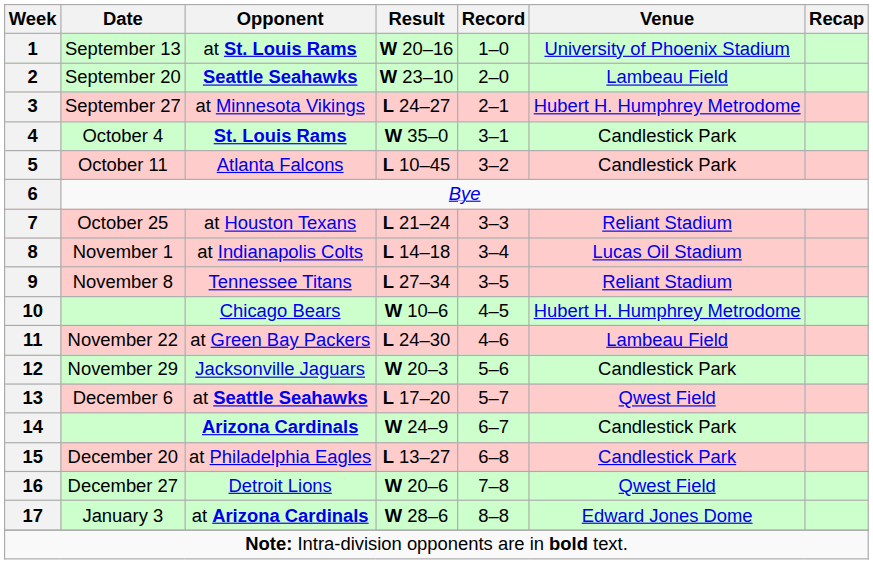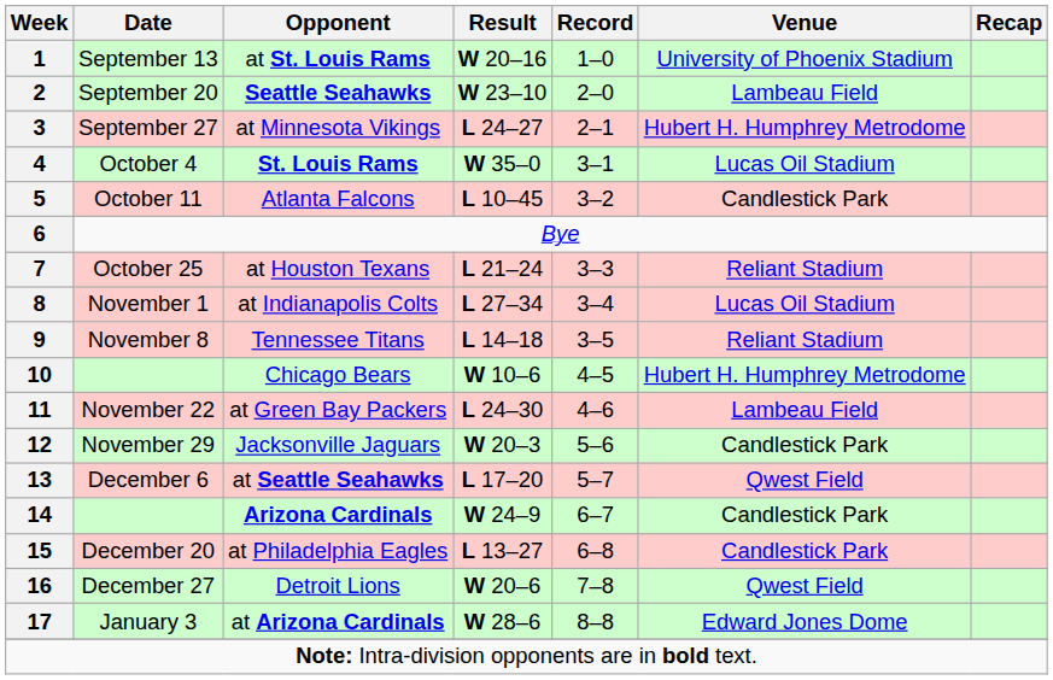 <table class="wikitable" style="text-align:center;">
 <tr>
 <th>Week</th>
 <th>Date</th>
 <th>Opponent</th>
 <th>Result</th>
 <th>Record</th>
 <th>Venue</th>
 <th>Recap</th>
 </tr>
 <tr style="background:#cfc">
 <th>1</th>
 <td>September 13</td>
 <td>at <strong><a href='#'>St. Louis Rams</a></strong></td>
 <td><strong>W</strong> 20–16</td>
 <td>1–0</td>
 <td><a href='#'>University of Phoenix Stadium</a></td>
 <td></td>
 </tr>
 <tr style="background:#cfc">
 <th>2</th>
 <td>September 20</td>
 <td><strong><a href='#'>Seattle Seahawks</a></strong></td>
 <td><strong>W</strong> 23–10</td>
 <td>2–0</td>
 <td><a href='#'>Lambeau Field</a></td>
 <td></td>
 </tr>
 <tr style="background:#fcc">
 <th>3</th>
 <td>September 27</td>
 <td>at <a href='#'>Minnesota Vikings</a></td>
 <td><strong>L</strong> 24–27</td>
 <td>2–1</td>
 <td><a href='#'>Hubert H. Humphrey Metrodome</a></td>
 <td></td>
 </tr>
 <tr style="background:#cfc">
 <th>4</th>
 <td>October 4</td>
 <td><strong><a href='#'>St. Louis Rams</a></strong></td>
 <td><strong>W</strong> 35–0</td>
 <td>3–1</td>
-<td>Candlestick Park</td>
+<td><a href='#'>Lucas Oil Stadium</a></td>
 <td></td>
 </tr>
 <tr style="background:#fcc">
 <th>5</th>
 <td>October 11</td>
 <td><a href='#'>Atlanta Falcons</a></td>
 <td><strong>L</strong> 10–45</td>
 <td>3–2</td>
 <td>Candlestick Park</td>
 <td></td>
 </tr>
 <tr align="center">
 <th>6</th>
 <td style="text-align:center;" colspan="7"><em><a href='#'>Bye</a></em></td>
 </tr>
 <tr style="background:#fcc">
 <th>7</th>
 <td>October 25</td>
 <td>at <a href='#'>Houston Texans</a></td>
 <td><strong>L</strong> 21–24</td>
 <td>3–3</td>
 <td><a href='#'>Reliant Stadium</a></td>
 <td></td>
 </tr>
 <tr style="background:#fcc">
 <th>8</th>
 <td>November 1</td>
 <td>at <a href='#'>Indianapolis Colts</a></td>
-<td><strong>L</strong> 14–18</td>
+<td><strong>L</strong> 27–34</td>
 <td>3–4</td>
 <td><a href='#'>Lucas Oil Stadium</a></td>
 <td></td>
 </tr>
 <tr style="background:#fcc">
 <th>9</th>
 <td>November 8</td>
 <td><a href='#'>Tennessee Titans</a></td>
-<td><strong>L</strong> 27–34</td>
+<td><strong>L</strong> 14–18</td>
 <td>3–5</td>
 <td><a href='#'>Reliant Stadium</a></td>
 <td></td>
 </tr>
 <tr style="background:#cfc">
 <th>10</th>
 <td></td>
 <td><a href='#'>Chicago Bears</a></td>
 <td><strong>W</strong> 10–6</td>
 <td>4–5</td>
 <td><a href='#'>Hubert H. Humphrey Metrodome</a></td>
 <td></td>
 </tr>
 <tr style="background:#fcc">
 <th>11</th>
 <td>November 22</td>
 <td>at <a href='#'>Green Bay Packers</a></td>
 <td><strong>L</strong> 24–30</td>
 <td>4–6</td>
 <td><a href='#'>Lambeau Field</a></td>
 <td></td>
 </tr>
 <tr style="background:#cfc">
 <th>12</th>
 <td>November 29</td>
 <td><a href='#'>Jacksonville Jaguars</a></td>
 <td><strong>W</strong> 20–3</td>
 <td>5–6</td>
 <td>Candlestick Park</td>
 <td></td>
 </tr>
 <tr style="background:#fcc">
 <th>13</th>
 <td>December 6</td>
 <td>at <strong><a href='#'>Seattle Seahawks</a></strong></td>
 <td><strong>L</strong> 17–20</td>
 <td>5–7</td>
 <td><a href='#'>Qwest Field</a></td>
 <td></td>
 </tr>
 <tr style="background:#cfc">
 <th>14</th>
 <td></td>
 <td><strong><a href='#'>Arizona Cardinals</a></strong></td>
 <td><strong>W</strong> 24–9</td>
 <td>6–7</td>
 <td>Candlestick Park</td>
 <td></td>
 </tr>
 <tr style="background:#fcc">
 <th>15</th>
 <td>December 20</td>
 <td>at <a href='#'>Philadelphia Eagles</a></td>
 <td><strong>L</strong> 13–27</td>
 <td>6–8</td>
 <td><a href='#'>Candlestick Park</a></td>
 <td></td>
 </tr>
 <tr style="background:#cfc">
 <th>16</th>
 <td>December 27</td>
 <td><a href='#'>Detroit Lions</a></td>
 <td><strong>W</strong> 20–6</td>
 <td>7–8</td>
 <td><a href='#'>Qwest Field</a></td>
 <td></td>
 </tr>
 <tr style="background:#cfc">
 <th>17</th>
 <td>January 3</td>
 <td>at <strong><a href='#'>Arizona Cardinals</a></strong></td>
 <td><strong>W</strong> 28–6</td>
 <td>8–8</td>
 <td><a href='#'>Edward Jones Dome</a></td>
 <td></td>
 </tr>
 <tr>
 </tr>
 <tr>
 <td colspan="8"><strong>Note:</strong> Intra-division opponents are in <strong>bold</strong> text.</td>
 </tr>
 </table>
